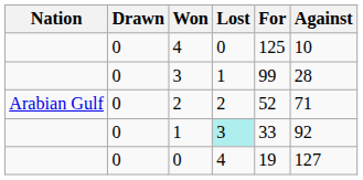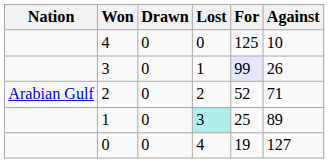 <table class="wikitable">
 <tr>
 <th>Nation</th>
+<th>Won</th>
 <th>Drawn</th>
-<th>Won</th>
 <th>Lost</th>
 <th>For</th>
 <th>Against</th>
 </tr>
 <tr>
 <td></td>
+<td>4</td>
 <td>0</td>
-<td>4</td>
 <td>0</td>
 <td>125</td>
 <td>10</td>
 </tr>
 <tr>
 <td></td>
+<td>3</td>
 <td>0</td>
-<td>3</td>
 <td>1</td>
-<td>99</td>
-<td>28</td>
+<td style="background: lavender;">99</td>
+<td>26</td>
 </tr>
 <tr>
 <td> <a href='#'>Arabian Gulf</a></td>
+<td>2</td>
 <td>0</td>
-<td>2</td>
 <td>2</td>
 <td>52</td>
 <td>71</td>
 </tr>
 <tr>
 <td></td>
+<td>1</td>
 <td>0</td>
-<td>1</td>
 <td style="background: paleturquoise;">3</td>
-<td>33</td>
-<td>92</td>
+<td>25</td>
+<td>89</td>
 </tr>
 <tr>
 <td></td>
 <td>0</td>
 <td>0</td>
 <td>4</td>
 <td>19</td>
 <td>127</td>
 </tr>
 </table>
